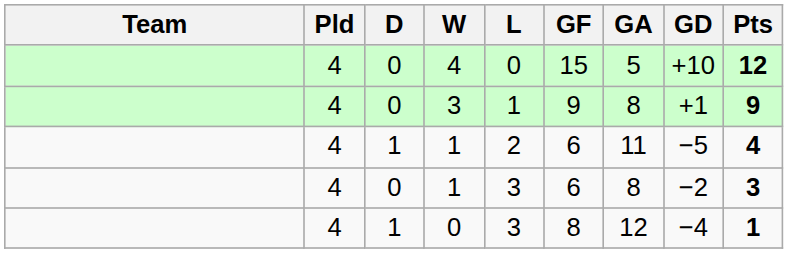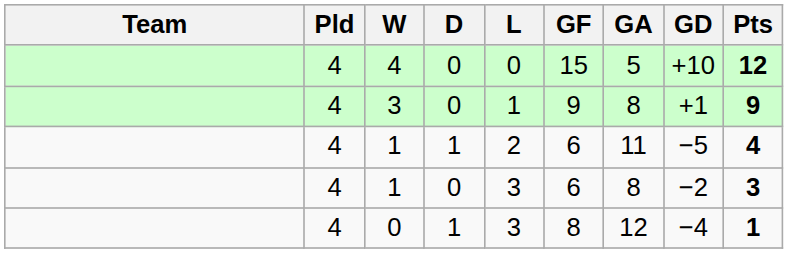 <table class="wikitable" style="text-align:center">
 <tr>
 <th width="180">Team</th>
 <th width="30">Pld</th>
+<th width="30">W</th>
 <th width="30">D</th>
-<th width="30">W</th>
 <th width="30">L</th>
 <th width="30">GF</th>
 <th width="30">GA</th>
 <th width="30">GD</th>
 <th width="30">Pts</th>
 </tr>
 <tr style=background:#ccffcc>
 <td style="text-align:left;"></td>
 <td>4</td>
+<td>4</td>
 <td>0</td>
-<td>4</td>
 <td>0</td>
 <td>15</td>
 <td>5</td>
 <td>+10</td>
 <td><strong>12</strong></td>
 </tr>
 <tr style=background:#ccffcc>
 <td style="text-align:left;"></td>
 <td>4</td>
+<td>3</td>
 <td>0</td>
-<td>3</td>
 <td>1</td>
 <td>9</td>
 <td>8</td>
 <td>+1</td>
 <td><strong>9</strong></td>
 </tr>
 <tr>
 <td style="text-align:left;"></td>
 <td>4</td>
 <td>1</td>
 <td>1</td>
 <td>2</td>
 <td>6</td>
 <td>11</td>
 <td>−5</td>
 <td><strong>4</strong></td>
 </tr>
 <tr>
 <td style="text-align:left;"></td>
 <td>4</td>
+<td>1</td>
 <td>0</td>
-<td>1</td>
 <td>3</td>
 <td>6</td>
 <td>8</td>
 <td>−2</td>
 <td><strong>3</strong></td>
 </tr>
 <tr>
 <td style="text-align:left;"></td>
 <td>4</td>
+<td>0</td>
 <td>1</td>
-<td>0</td>
 <td>3</td>
 <td>8</td>
 <td>12</td>
 <td>−4</td>
 <td><strong>1</strong></td>
 </tr>
 </table>
